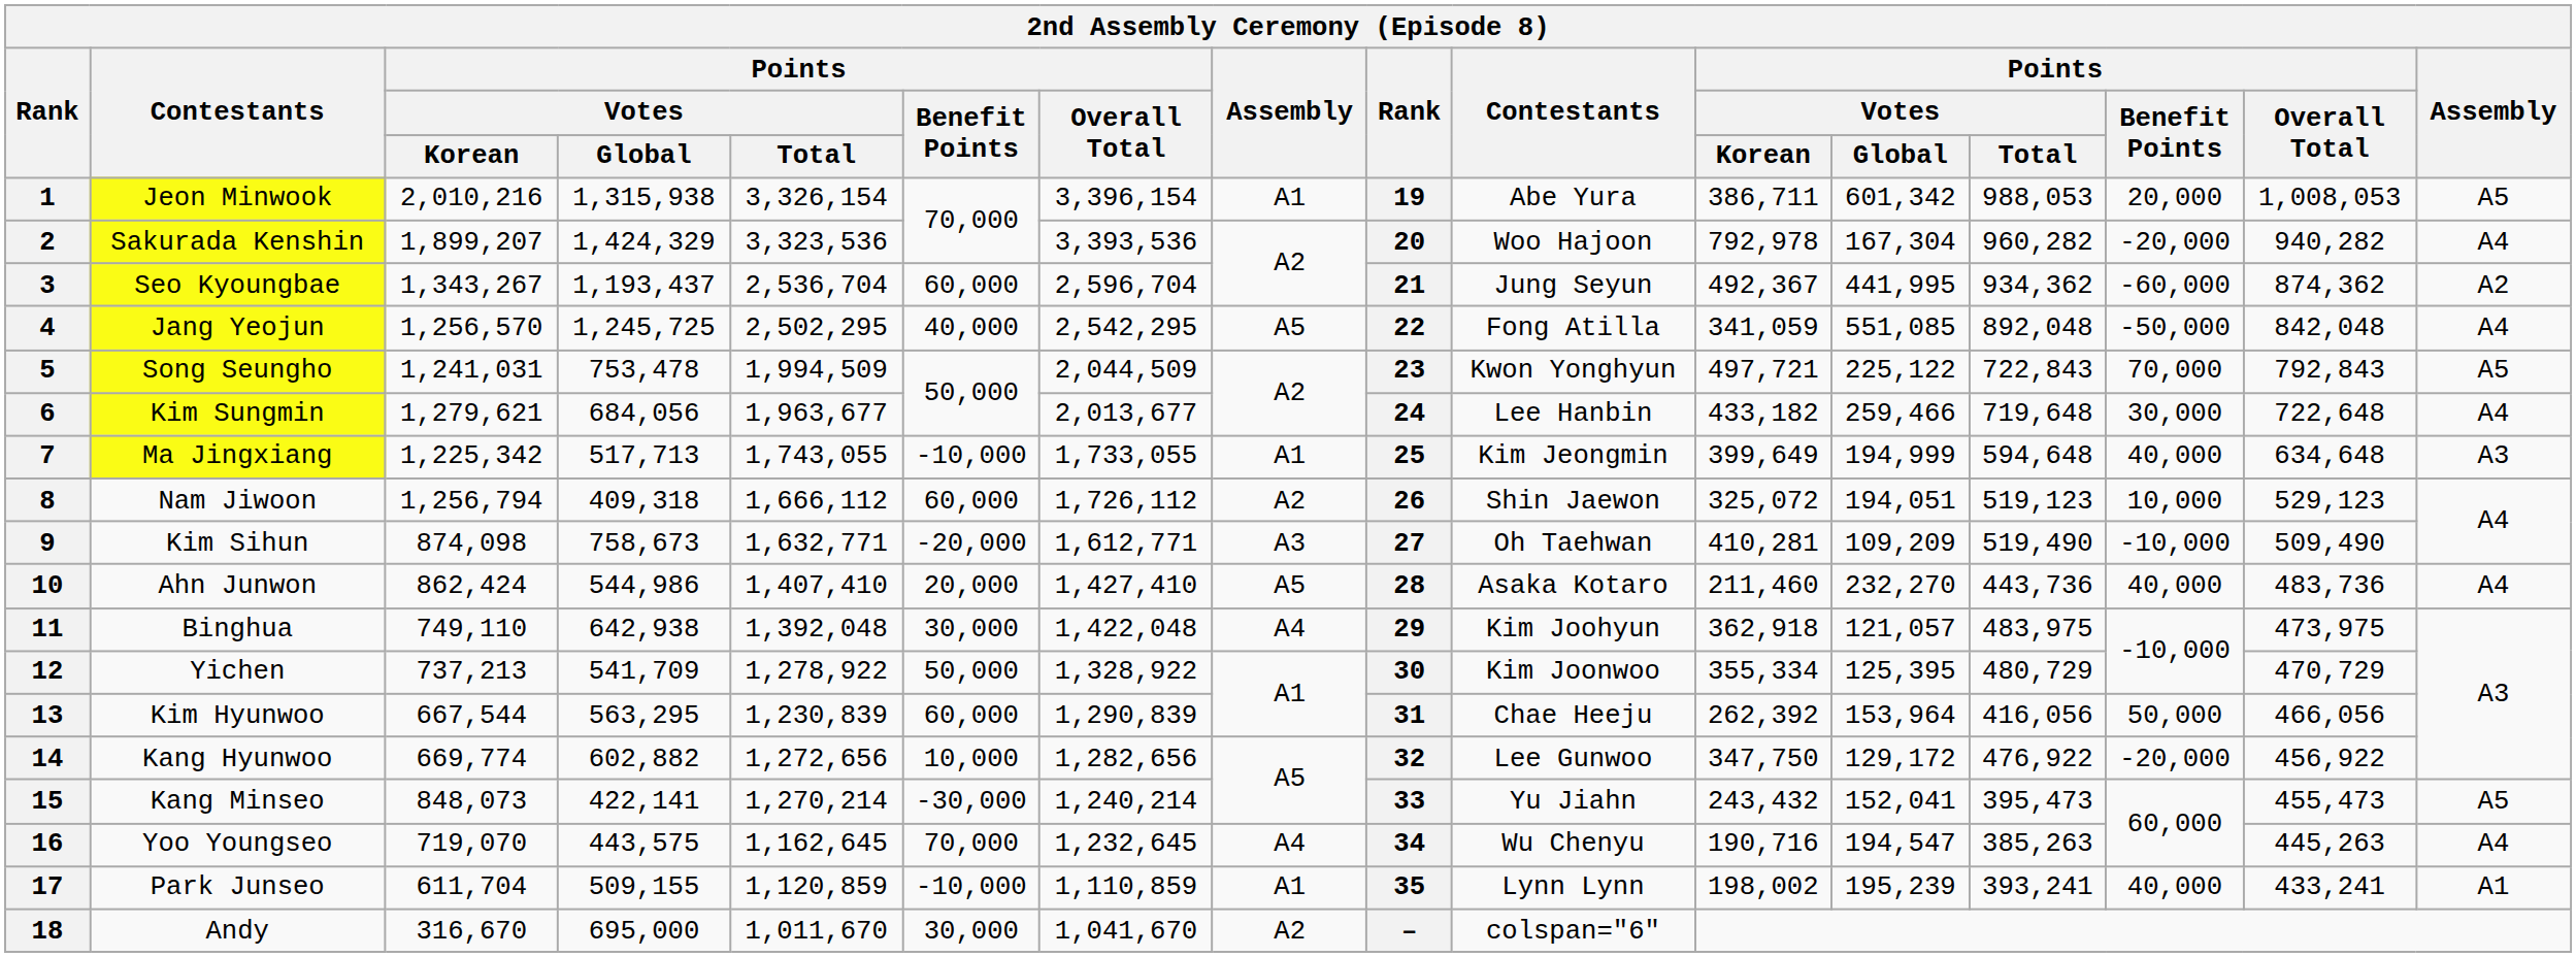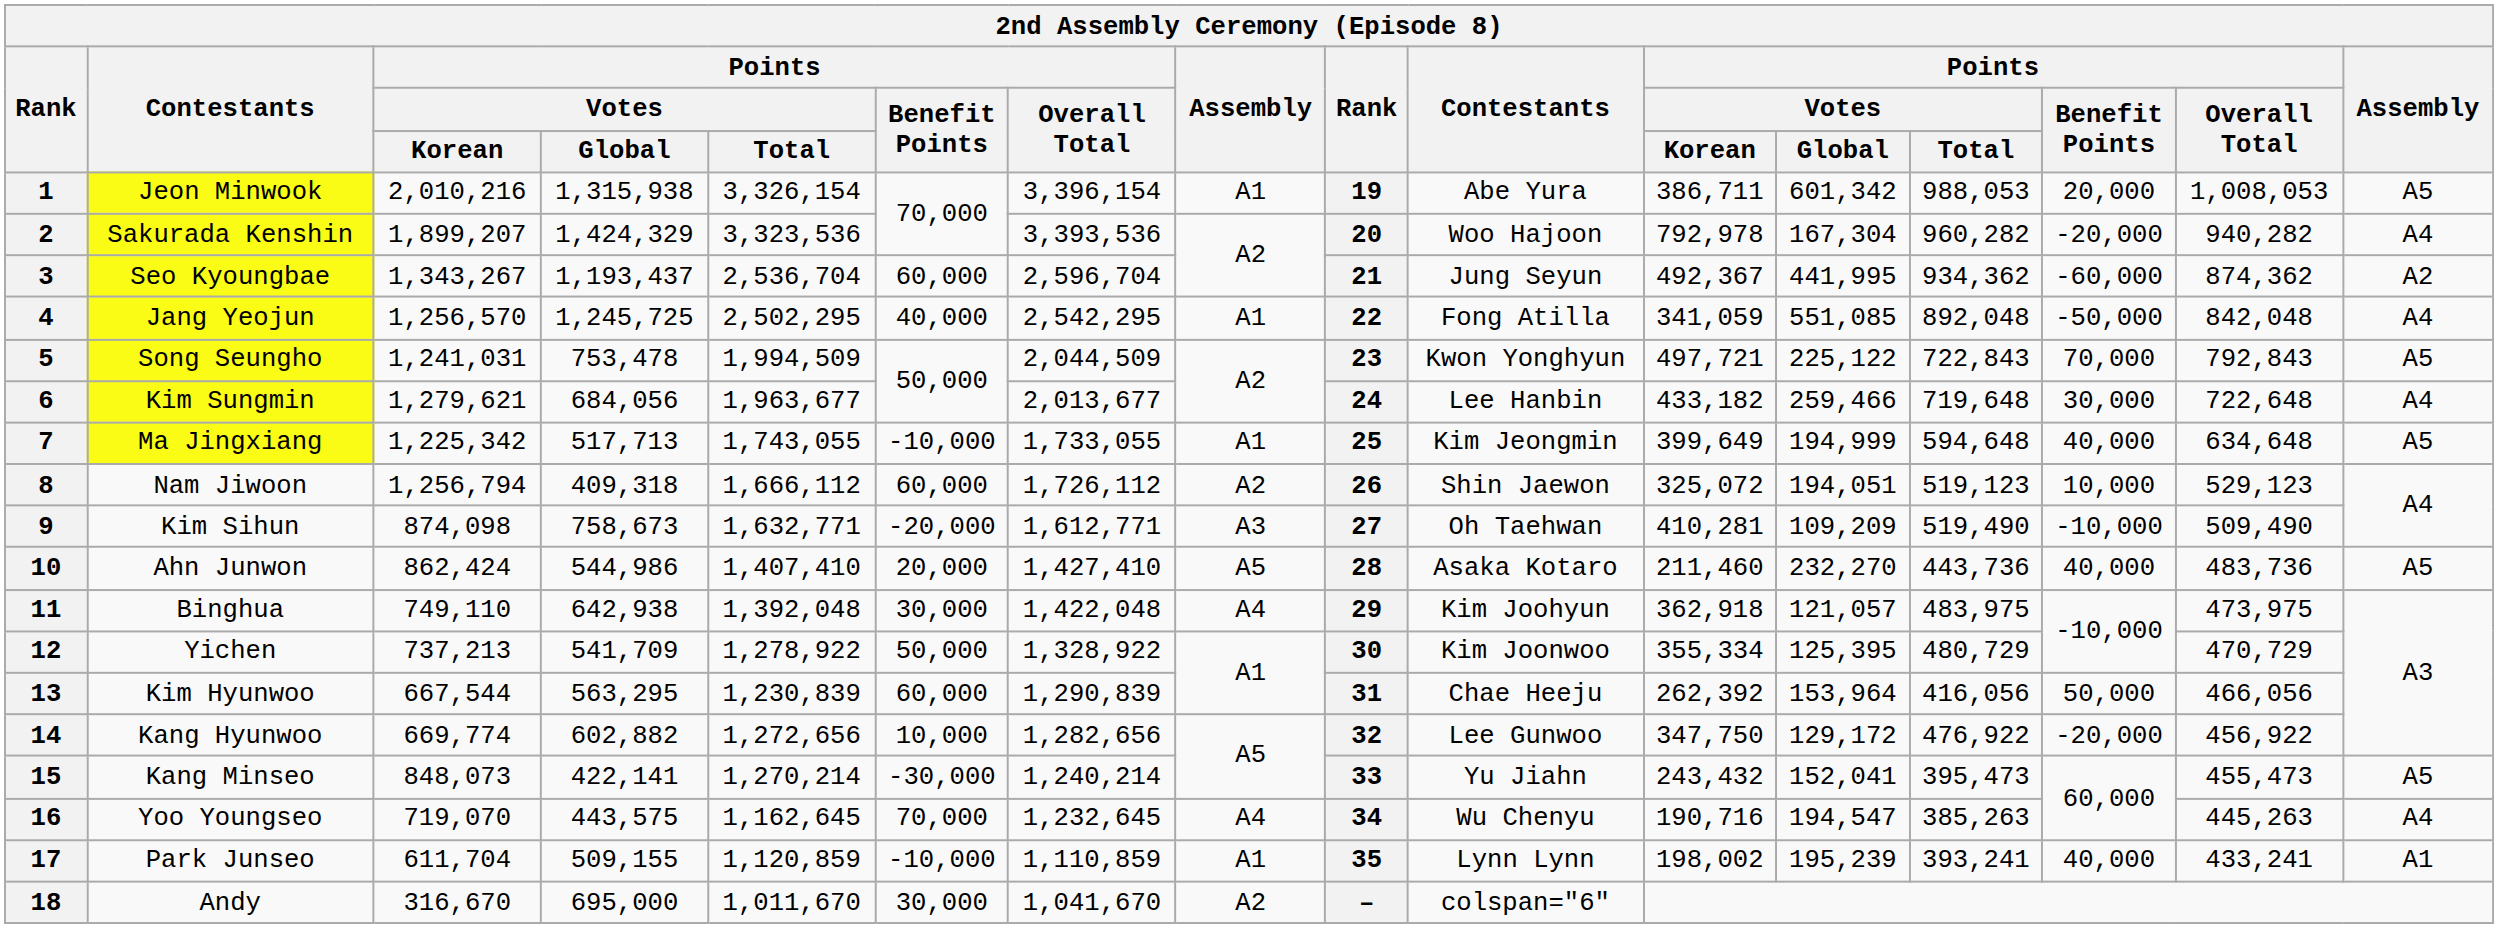 <table class="wikitable sortable mw-collapsible mw-collapsed collapsible" style="text-align:center; width:100%">
 <tr>
 <th colspan="18">2nd Assembly Ceremony (Episode 8)</th>
 </tr>
 <tr>
 <th rowspan="3">Rank</th>
 <th rowspan="3">Contestants</th>
 <th colspan="5">Points</th>
 <th rowspan="3">Assembly</th>
 <th rowspan="3">Rank</th>
 <th rowspan="3">Contestants</th>
 <th colspan="5">Points</th>
 <th rowspan="3">Assembly</th>
 </tr>
 <tr>
 <th colspan="3">Votes</th>
 <th rowspan="2">Benefit <br> Points</th>
 <th rowspan="2">Overall <br> Total</th>
 <th colspan="3">Votes</th>
 <th rowspan="2">Benefit <br>Points</th>
 <th rowspan="2">Overall <br>Total</th>
 </tr>
 <tr>
 <th>Korean</th>
 <th>Global</th>
 <th>Total</th>
 <th>Korean</th>
 <th>Global</th>
 <th>Total</th>
 </tr>
 <tr>
 <th>1</th>
 <td style="background:#fafc15">Jeon Minwook</td>
 <td>2,010,216</td>
 <td>1,315,938</td>
 <td>3,326,154</td>
 <td rowspan="2">70,000</td>
 <td>3,396,154</td>
 <td>A1</td>
 <th>19</th>
 <td>Abe Yura</td>
 <td>386,711</td>
 <td>601,342</td>
 <td>988,053</td>
 <td>20,000</td>
 <td>1,008,053</td>
 <td>A5</td>
 </tr>
 <tr>
 <th>2</th>
 <td style="background:#fafc15">Sakurada Kenshin</td>
 <td>1,899,207</td>
 <td>1,424,329</td>
 <td>3,323,536</td>
 <td>3,393,536</td>
 <td rowspan="2">A2</td>
 <th>20</th>
 <td>Woo Hajoon</td>
 <td>792,978</td>
 <td>167,304</td>
 <td>960,282</td>
 <td>-20,000</td>
 <td>940,282</td>
 <td>A4</td>
 </tr>
 <tr>
 <th>3</th>
 <td style="background:#fafc15">Seo Kyoungbae</td>
 <td>1,343,267</td>
 <td>1,193,437</td>
 <td>2,536,704</td>
 <td>60,000</td>
 <td>2,596,704</td>
 <th>21</th>
 <td>Jung Seyun</td>
 <td>492,367</td>
 <td>441,995</td>
 <td>934,362</td>
 <td>-60,000</td>
 <td>874,362</td>
 <td>A2</td>
 </tr>
 <tr>
 <th>4</th>
 <td style="background:#fafc15">Jang Yeojun</td>
 <td>1,256,570</td>
 <td>1,245,725</td>
 <td>2,502,295</td>
 <td>40,000</td>
 <td>2,542,295</td>
-<td>A5</td>
+<td>A1</td>
 <th>22</th>
 <td>Fong Atilla</td>
 <td>341,059</td>
 <td>551,085</td>
 <td>892,048</td>
 <td>-50,000</td>
 <td>842,048</td>
 <td>A4</td>
 </tr>
 <tr>
 <th>5</th>
 <td style="background:#fafc15">Song Seungho</td>
 <td>1,241,031</td>
 <td>753,478</td>
 <td>1,994,509</td>
 <td rowspan="2">50,000</td>
 <td>2,044,509</td>
 <td rowspan="2">A2</td>
 <th>23</th>
 <td>Kwon Yonghyun</td>
 <td>497,721</td>
 <td>225,122</td>
 <td>722,843</td>
 <td>70,000</td>
 <td>792,843</td>
 <td>A5</td>
 </tr>
 <tr>
 <th>6</th>
 <td style="background:#fafc15">Kim Sungmin</td>
 <td>1,279,621</td>
 <td>684,056</td>
 <td>1,963,677</td>
 <td>2,013,677</td>
 <th>24</th>
 <td>Lee Hanbin</td>
 <td>433,182</td>
 <td>259,466</td>
 <td>719,648</td>
 <td>30,000</td>
 <td>722,648</td>
 <td>A4</td>
 </tr>
 <tr>
 <th>7</th>
 <td style="background:#fafc15">Ma Jingxiang</td>
 <td>1,225,342</td>
 <td>517,713</td>
 <td>1,743,055</td>
 <td>-10,000</td>
 <td>1,733,055</td>
 <td>A1</td>
 <th>25</th>
 <td>Kim Jeongmin</td>
 <td>399,649</td>
 <td>194,999</td>
 <td>594,648</td>
 <td>40,000</td>
 <td>634,648</td>
-<td>A3</td>
+<td>A5</td>
 </tr>
 <tr>
 <th>8</th>
 <td>Nam Jiwoon</td>
 <td>1,256,794</td>
 <td>409,318</td>
 <td>1,666,112</td>
 <td>60,000</td>
 <td>1,726,112</td>
 <td>A2</td>
 <th>26</th>
 <td>Shin Jaewon</td>
 <td>325,072</td>
 <td>194,051</td>
 <td>519,123</td>
 <td>10,000</td>
 <td>529,123</td>
 <td rowspan="2">A4</td>
 </tr>
 <tr>
 <th>9</th>
 <td>Kim Sihun</td>
 <td>874,098</td>
 <td>758,673</td>
 <td>1,632,771</td>
 <td>-20,000</td>
 <td>1,612,771</td>
 <td>A3</td>
 <th>27</th>
 <td>Oh Taehwan</td>
 <td>410,281</td>
 <td>109,209</td>
 <td>519,490</td>
 <td>-10,000</td>
 <td>509,490</td>
 </tr>
 <tr>
 <th>10</th>
 <td>Ahn Junwon</td>
 <td>862,424</td>
 <td>544,986</td>
 <td>1,407,410</td>
 <td>20,000</td>
 <td>1,427,410</td>
 <td>A5</td>
 <th>28</th>
 <td>Asaka Kotaro</td>
 <td>211,460</td>
 <td>232,270</td>
 <td>443,736</td>
 <td>40,000</td>
 <td>483,736</td>
-<td>A4</td>
+<td>A5</td>
 </tr>
 <tr>
 <th>11</th>
 <td>Binghua</td>
 <td>749,110</td>
 <td>642,938</td>
 <td>1,392,048</td>
 <td>30,000</td>
 <td>1,422,048</td>
 <td>A4</td>
 <th>29</th>
 <td>Kim Joohyun</td>
 <td>362,918</td>
 <td>121,057</td>
 <td>483,975</td>
 <td rowspan="2">-10,000</td>
 <td>473,975</td>
 <td rowspan="4">A3</td>
 </tr>
 <tr>
 <th>12</th>
 <td>Yichen</td>
 <td>737,213</td>
 <td>541,709</td>
 <td>1,278,922</td>
 <td>50,000</td>
 <td>1,328,922</td>
 <td rowspan="2">A1</td>
 <th>30</th>
 <td>Kim Joonwoo</td>
 <td>355,334</td>
 <td>125,395</td>
 <td>480,729</td>
 <td>470,729</td>
 </tr>
 <tr>
 <th>13</th>
 <td>Kim Hyunwoo</td>
 <td>667,544</td>
 <td>563,295</td>
 <td>1,230,839</td>
 <td>60,000</td>
 <td>1,290,839</td>
 <th>31</th>
 <td>Chae Heeju</td>
 <td>262,392</td>
 <td>153,964</td>
 <td>416,056</td>
 <td>50,000</td>
 <td>466,056</td>
 </tr>
 <tr>
 <th>14</th>
 <td>Kang Hyunwoo</td>
 <td>669,774</td>
 <td>602,882</td>
 <td>1,272,656</td>
 <td>10,000</td>
 <td>1,282,656</td>
 <td rowspan="2">A5</td>
 <th>32</th>
 <td>Lee Gunwoo</td>
 <td>347,750</td>
 <td>129,172</td>
 <td>476,922</td>
 <td>-20,000</td>
 <td>456,922</td>
 </tr>
 <tr>
 <th>15</th>
 <td>Kang Minseo</td>
 <td>848,073</td>
 <td>422,141</td>
 <td>1,270,214</td>
 <td>-30,000</td>
 <td>1,240,214</td>
 <th>33</th>
 <td>Yu Jiahn</td>
 <td>243,432</td>
 <td>152,041</td>
 <td>395,473</td>
 <td rowspan="2">60,000</td>
 <td>455,473</td>
 <td>A5</td>
 </tr>
 <tr>
 <th>16</th>
 <td>Yoo Youngseo</td>
 <td>719,070</td>
 <td>443,575</td>
 <td>1,162,645</td>
 <td>70,000</td>
 <td>1,232,645</td>
 <td>A4</td>
 <th>34</th>
 <td>Wu Chenyu</td>
 <td>190,716</td>
 <td>194,547</td>
 <td>385,263</td>
 <td>445,263</td>
 <td>A4</td>
 </tr>
 <tr>
 <th>17</th>
 <td>Park Junseo</td>
 <td>611,704</td>
 <td>509,155</td>
 <td>1,120,859</td>
 <td>-10,000</td>
 <td>1,110,859</td>
 <td>A1</td>
 <th>35</th>
 <td>Lynn Lynn</td>
 <td>198,002</td>
 <td>195,239</td>
 <td>393,241</td>
 <td>40,000</td>
 <td>433,241</td>
 <td>A1</td>
 </tr>
 <tr>
 <th>18</th>
 <td>Andy</td>
 <td>316,670</td>
 <td>695,000</td>
 <td>1,011,670</td>
 <td>30,000</td>
 <td>1,041,670</td>
 <td>A2</td>
 <th>–</th>
 <td>colspan="6" </td>
 </tr>
 </table>
